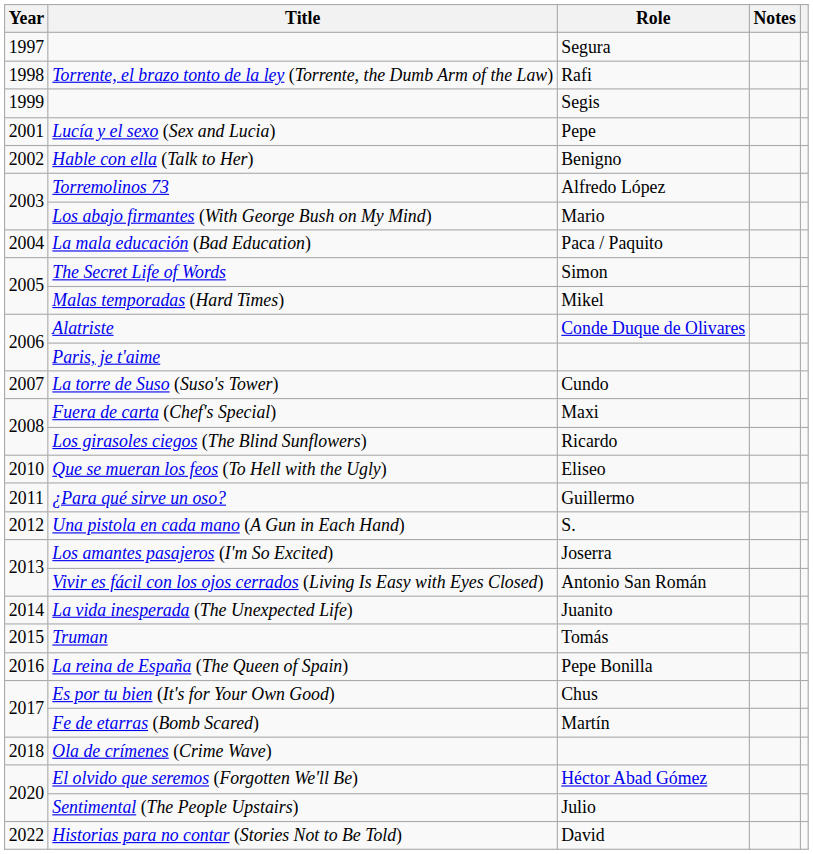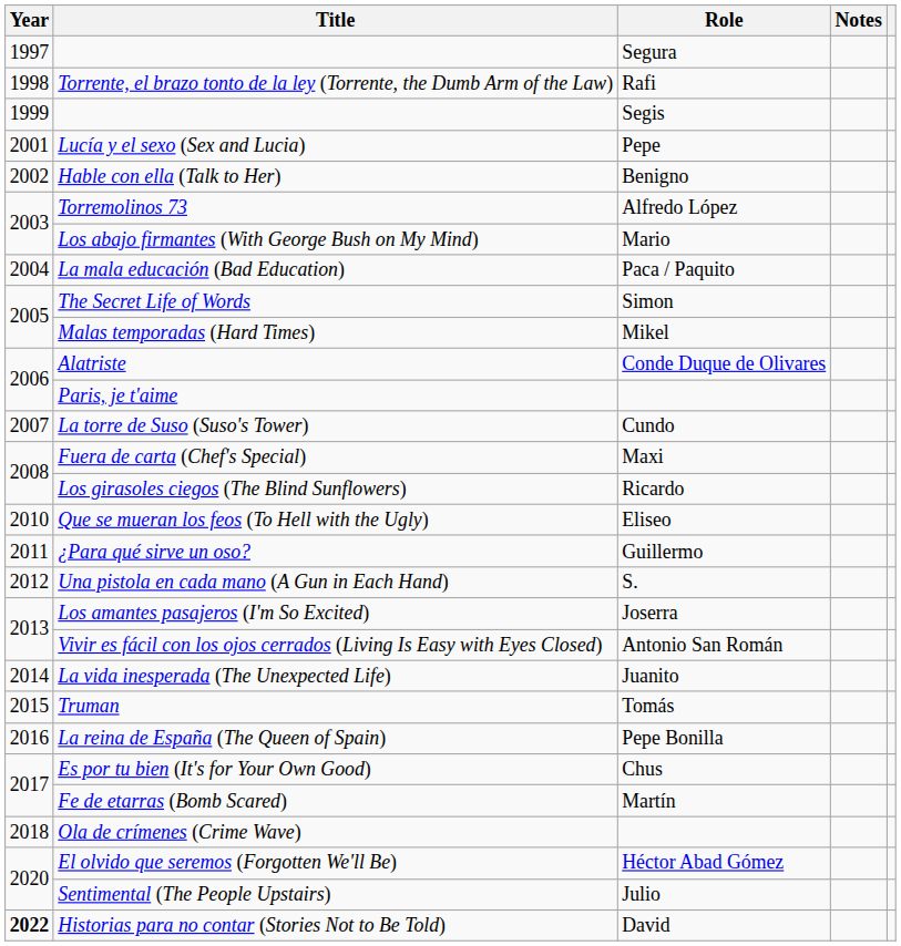 <table class="wikitable sortable">
 <tr>
 <th>Year</th>
 <th>Title</th>
 <th>Role</th>
 <th class="unsortable">Notes</th>
 <th class="unsortable"></th>
 </tr>
 <tr>
 <td align = "center">1997</td>
 <td><em></em></td>
 <td>Segura</td>
 <td></td>
 <td align = "center"></td>
 </tr>
 <tr>
 <td align = "center">1998</td>
 <td><em><a href='#'>Torrente, el brazo tonto de la ley</a></em> (<em>Torrente, the Dumb Arm of the Law</em>)</td>
 <td>Rafi</td>
 <td></td>
 <td align = "center"></td>
 </tr>
 <tr>
 <td align = "center">1999</td>
 <td><em></em></td>
 <td>Segis</td>
 <td></td>
 <td align = "center"></td>
 </tr>
 <tr>
 <td align = "center">2001</td>
 <td><em><a href='#'>Lucía y el sexo</a></em> (<em>Sex and Lucia</em>)</td>
 <td>Pepe</td>
 <td></td>
 <td align = "center"></td>
 </tr>
 <tr>
 <td align = "center">2002</td>
 <td><em><a href='#'>Hable con ella</a></em> (<em>Talk to Her</em>)</td>
 <td>Benigno</td>
 <td></td>
 <td align = "center"></td>
 </tr>
 <tr>
 <td rowspan = "2" align = "center">2003</td>
 <td><em><a href='#'>Torremolinos 73</a></em></td>
 <td>Alfredo López</td>
 <td></td>
 <td align = "center"></td>
 </tr>
 <tr>
 <td><em><a href='#'>Los abajo firmantes</a></em> (<em>With George Bush on My Mind</em>)</td>
 <td>Mario</td>
 <td></td>
 <td align = "center"></td>
 </tr>
 <tr>
 <td align = "center">2004</td>
 <td><em><a href='#'>La mala educación</a></em> (<em>Bad Education</em>)</td>
 <td>Paca / Paquito</td>
 <td></td>
 <td align = "center"></td>
 </tr>
 <tr>
 <td rowspan = "2" align = "center">2005</td>
 <td><em><a href='#'>The Secret Life of Words</a></em></td>
 <td>Simon</td>
 <td></td>
 <td align = "center"></td>
 </tr>
 <tr>
 <td><em><a href='#'>Malas temporadas</a></em> (<em>Hard Times</em>)</td>
 <td>Mikel</td>
 <td></td>
 <td align = "center"></td>
 </tr>
 <tr>
 <td rowspan = "2" align = "center">2006</td>
 <td><em><a href='#'>Alatriste</a></em></td>
 <td><a href='#'>Conde Duque de Olivares</a></td>
 <td></td>
 <td align = "center"></td>
 </tr>
 <tr>
 <td><em><a href='#'>Paris, je t'aime</a></em></td>
 <td></td>
 <td></td>
 <td align = "center"></td>
 </tr>
 <tr>
 <td align = "center">2007</td>
 <td><em><a href='#'>La torre de Suso</a></em> (<em>Suso's Tower</em>)</td>
 <td>Cundo</td>
 <td></td>
 <td align = "center"></td>
 </tr>
 <tr>
 <td rowspan = "2" align = "center">2008</td>
 <td><em><a href='#'>Fuera de carta</a></em> (<em>Chef's Special</em>)</td>
 <td>Maxi</td>
 <td></td>
 <td align = "center"></td>
 </tr>
 <tr>
 <td><em><a href='#'>Los girasoles ciegos</a></em> (<em>The Blind Sunflowers</em>)</td>
 <td>Ricardo</td>
 <td></td>
 <td align = "center"></td>
 </tr>
 <tr>
 <td align = "center">2010</td>
 <td><em><a href='#'>Que se mueran los feos</a></em> (<em>To Hell with the Ugly</em>)</td>
 <td>Eliseo</td>
 <td></td>
 <td align = "center"></td>
 </tr>
 <tr>
 <td align = "center">2011</td>
 <td><em><a href='#'>¿Para qué sirve un oso?</a></em></td>
 <td>Guillermo</td>
 <td></td>
 <td align = "center"></td>
 </tr>
 <tr>
 <td align = "center">2012</td>
 <td><em><a href='#'>Una pistola en cada mano</a></em> (<em>A Gun in Each Hand</em>)</td>
 <td>S.</td>
 <td></td>
 <td align = "center"></td>
 </tr>
 <tr>
 <td rowspan = "2" align = "center">2013</td>
 <td><em><a href='#'>Los amantes pasajeros</a></em> (<em>I'm So Excited</em>)</td>
 <td>Joserra</td>
 <td></td>
 <td align = "center"></td>
 </tr>
 <tr>
 <td><em><a href='#'>Vivir es fácil con los ojos cerrados</a></em> (<em>Living Is Easy with Eyes Closed</em>)</td>
 <td>Antonio San Román</td>
 <td></td>
 <td align = "center"></td>
 </tr>
 <tr>
 <td align = "center">2014</td>
 <td><em><a href='#'>La vida inesperada</a></em> (<em>The Unexpected Life</em>)</td>
 <td>Juanito</td>
 <td></td>
 <td align= "center"></td>
 </tr>
 <tr>
 <td align = "center">2015</td>
 <td><em><a href='#'>Truman</a></em></td>
 <td>Tomás</td>
 <td></td>
 <td align = "center"></td>
 </tr>
 <tr>
 <td align = "center">2016</td>
 <td><em><a href='#'>La reina de España</a></em> (<em>The Queen of Spain</em>)</td>
 <td>Pepe Bonilla</td>
 <td></td>
 <td align = "center"></td>
 </tr>
 <tr>
 <td rowspan = "2" align = "center">2017</td>
 <td><em><a href='#'>Es por tu bien</a></em> (<em>It's for Your Own Good</em>)</td>
 <td>Chus</td>
 <td></td>
 <td align = "center"></td>
 </tr>
 <tr>
 <td><em><a href='#'>Fe de etarras</a></em> (<em>Bomb Scared</em>)</td>
 <td>Martín</td>
 <td></td>
 <td align = "center"></td>
 </tr>
 <tr>
 <td align = "center">2018</td>
 <td><em><a href='#'>Ola de crímenes</a></em> (<em>Crime Wave</em>)</td>
 <td></td>
 <td></td>
 <td align = "center"></td>
 </tr>
 <tr>
 <td rowspan = "2" align = "center">2020</td>
 <td><em><a href='#'>El olvido que seremos</a></em> (<em>Forgotten We'll Be</em>)</td>
 <td><a href='#'>Héctor Abad Gómez</a></td>
 <td></td>
 <td align = "center"></td>
 </tr>
 <tr>
 <td><em><a href='#'>Sentimental</a></em> (<em>The People Upstairs</em>)</td>
 <td>Julio</td>
 <td></td>
 <td align = "center"></td>
 </tr>
 <tr>
-<td rowspan = "1" align = "center">2022</td>
+<td rowspan = "1" align = "center"><strong>2022</strong></td>
 <td><em><a href='#'>Historias para no contar</a></em> (<em>Stories Not to Be Told</em>)</td>
 <td>David</td>
 <td></td>
 <td align = "center"></td>
 </tr>
 </table>
